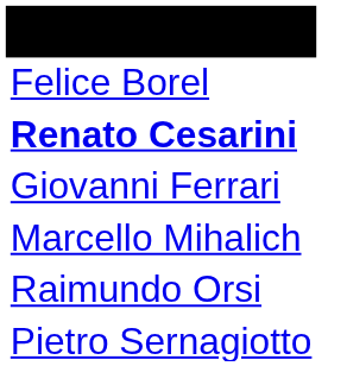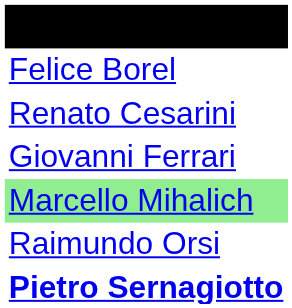 <table class="toccolours" border="0" cellpadding="2" cellspacing="0" align="left" style="margin:0.5em;">
 <tr>
 <th colspan="2" align=center bgcolor="#000000"><span>Forwards</span></th>
 </tr>
 <tr>
 <td> <a href='#'>Felice Borel</a></td>
 </tr>
 <tr>
-<td><strong><a href='#'>Renato Cesarini</a></strong></td>
+<td><a href='#'>Renato Cesarini</a></td>
 </tr>
 <tr>
 <td> <a href='#'>Giovanni Ferrari</a></td>
 </tr>
 <tr>
-<td> <a href='#'>Marcello Mihalich</a></td>
+<td style="background: lightgreen;"> <a href='#'>Marcello Mihalich</a></td>
 </tr>
 <tr>
 <td> <a href='#'>Raimundo Orsi</a></td>
 </tr>
 <tr>
-<td> <a href='#'>Pietro Sernagiotto</a></td>
+<td><strong> <a href='#'>Pietro Sernagiotto</a></strong></td>
 </tr>
 </table>
